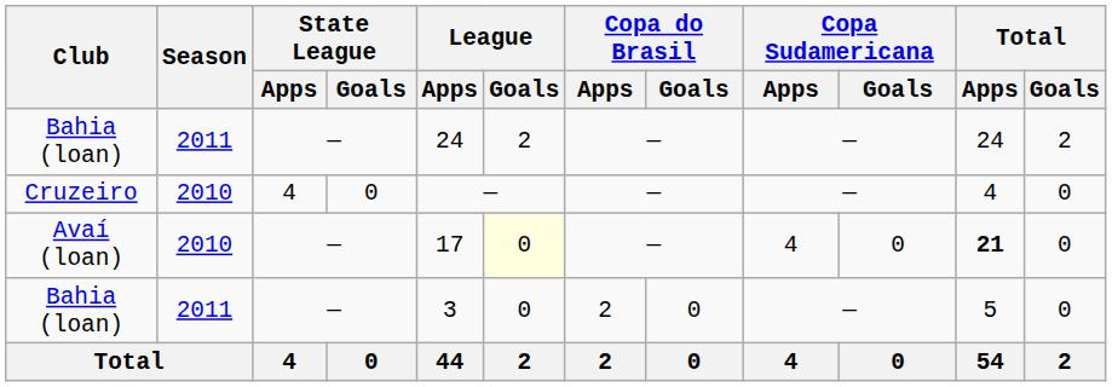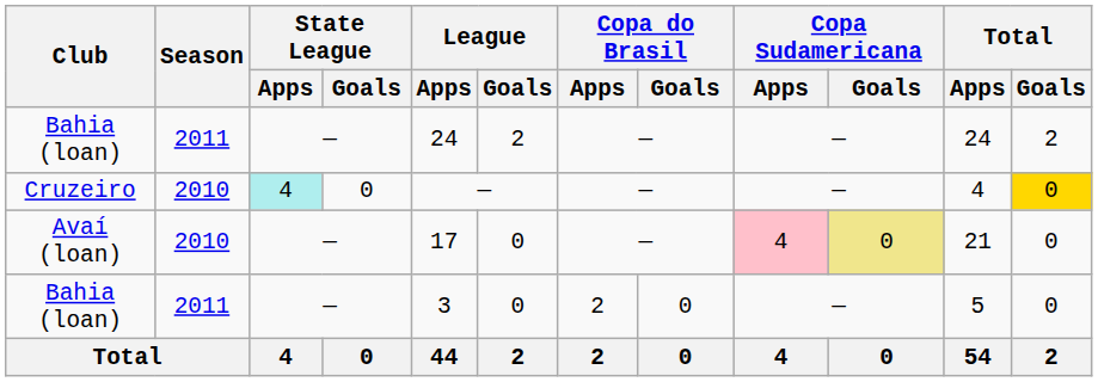 <table class="wikitable" style="text-align: center;">
 <tr>
 <th rowspan="2">Club</th>
 <th rowspan="2">Season</th>
 <th colspan="2">State League</th>
 <th colspan="2">League</th>
 <th colspan="2"><a href='#'>Copa do Brasil</a></th>
 <th colspan="2"><a href='#'>Copa Sudamericana</a></th>
 <th colspan="2">Total</th>
 </tr>
 <tr>
 <th>Apps</th>
 <th>Goals</th>
 <th>Apps</th>
 <th>Goals</th>
 <th>Apps</th>
 <th>Goals</th>
 <th>Apps</th>
 <th>Goals</th>
 <th>Apps</th>
 <th>Goals</th>
 </tr>
 <tr>
 <td><a href='#'>Bahia</a> (loan)</td>
 <td><a href='#'>2011</a></td>
 <td colspan="2">—</td>
 <td>24</td>
 <td>2</td>
 <td colspan="2">—</td>
 <td colspan="2">—</td>
 <td>24</td>
 <td>2</td>
 </tr>
 <tr>
 <td><a href='#'>Cruzeiro</a></td>
 <td><a href='#'>2010</a></td>
-<td>4</td>
+<td style="background: paleturquoise;">4</td>
 <td>0</td>
 <td colspan="2">—</td>
 <td colspan="2">—</td>
 <td colspan="2">—</td>
 <td>4</td>
-<td>0</td>
+<td style="background: gold;">0</td>
 </tr>
 <tr>
 <td><a href='#'>Avaí</a> (loan)</td>
 <td><a href='#'>2010</a></td>
 <td colspan="2">—</td>
 <td>17</td>
-<td style="background: lightyellow;">0</td>
+<td>0</td>
 <td colspan="2">—</td>
-<td>4</td>
-<td>0</td>
-<td><strong>21</strong></td>
+<td style="background: pink;">4</td>
+<td style="background: khaki;">0</td>
+<td>21</td>
 <td>0</td>
 </tr>
 <tr>
 <td><a href='#'>Bahia</a> (loan)</td>
 <td><a href='#'>2011</a></td>
 <td colspan="2">—</td>
 <td>3</td>
 <td>0</td>
 <td>2</td>
 <td>0</td>
 <td colspan="2">—</td>
 <td>5</td>
 <td>0</td>
 </tr>
 <tr>
 <th colspan="2">Total</th>
 <th>4</th>
 <th>0</th>
 <th>44</th>
 <th>2</th>
 <th>2</th>
 <th>0</th>
 <th>4</th>
 <th>0</th>
 <th>54</th>
 <th>2</th>
 </tr>
 </table>
